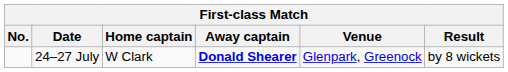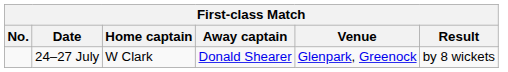 <table class="wikitable">
 <tr>
 <th colspan="9">First-class Match</th>
 </tr>
 <tr>
 <th>No.</th>
 <th>Date</th>
 <th>Home captain</th>
 <th>Away captain</th>
 <th>Venue</th>
 <th>Result</th>
 </tr>
 <tr>
 <td></td>
 <td>24–27 July</td>
 <td>W Clark</td>
-<td><strong><a href='#'>Donald Shearer</a></strong></td>
+<td><a href='#'>Donald Shearer</a></td>
 <td><a href='#'>Glenpark</a>, <a href='#'>Greenock</a></td>
 <td> by 8 wickets</td>
 </tr>
 </table>
